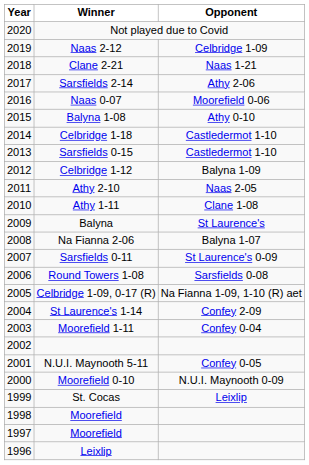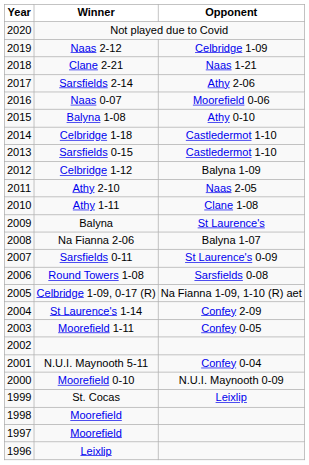 <table class="wikitable" style="text-align:center;">
 <tr>
 <th style="background:white;color:black"><strong>Year</strong></th>
 <th style="background:white;color:black"><strong>Winner</strong></th>
 <th style="background:white;color:black"><strong>Opponent</strong></th>
 </tr>
 <tr>
 <td>2020</td>
 <td colspan="2" style="text-align:center;">Not played due to Covid</td>
 </tr>
 <tr>
 <td>2019</td>
 <td><a href='#'>Naas</a> 2-12</td>
 <td><a href='#'>Celbridge</a> 1-09</td>
 </tr>
 <tr>
 <td>2018</td>
 <td><a href='#'>Clane</a> 2-21</td>
 <td><a href='#'>Naas</a> 1-21</td>
 </tr>
 <tr>
 <td>2017</td>
 <td><a href='#'>Sarsfields</a> 2-14</td>
 <td><a href='#'>Athy</a> 2-06</td>
 </tr>
 <tr>
 <td>2016</td>
 <td><a href='#'>Naas</a> 0-07</td>
 <td><a href='#'>Moorefield</a> 0-06</td>
 </tr>
 <tr>
 <td>2015</td>
 <td><a href='#'>Balyna</a> 1-08</td>
 <td><a href='#'>Athy</a> 0-10</td>
 </tr>
 <tr>
 <td>2014</td>
 <td><a href='#'>Celbridge</a> 1-18</td>
 <td><a href='#'>Castledermot</a> 1-10</td>
 </tr>
 <tr>
 <td>2013</td>
 <td><a href='#'>Sarsfields</a> 0-15</td>
 <td><a href='#'>Castledermot</a> 1-10</td>
 </tr>
 <tr>
 <td>2012</td>
 <td><a href='#'>Celbridge</a> 1-12</td>
 <td>Balyna 1-09</td>
 </tr>
 <tr>
 <td>2011</td>
 <td><a href='#'>Athy</a> 2-10</td>
 <td><a href='#'>Naas</a> 2-05</td>
 </tr>
 <tr>
 <td>2010</td>
 <td><a href='#'>Athy</a> 1-11</td>
 <td><a href='#'>Clane</a> 1-08</td>
 </tr>
 <tr>
 <td>2009</td>
 <td>Balyna</td>
 <td><a href='#'>St Laurence's</a></td>
 </tr>
 <tr>
 <td>2008</td>
 <td>Na Fianna 2-06</td>
 <td>Balyna 1-07</td>
 </tr>
 <tr>
 <td>2007</td>
 <td><a href='#'>Sarsfields</a> 0-11</td>
 <td><a href='#'>St Laurence's</a> 0-09</td>
 </tr>
 <tr>
 <td>2006</td>
 <td><a href='#'>Round Towers</a> 1-08</td>
 <td><a href='#'>Sarsfields</a>  0-08</td>
 </tr>
 <tr>
 <td>2005</td>
 <td><a href='#'>Celbridge</a> 1-09, 0-17 (R)</td>
 <td>Na Fianna 1-09, 1-10 (R) aet</td>
 </tr>
 <tr>
 <td>2004</td>
 <td><a href='#'>St Laurence's</a> 1-14</td>
 <td><a href='#'>Confey</a> 2-09</td>
 </tr>
 <tr>
 <td>2003</td>
 <td><a href='#'>Moorefield</a> 1-11</td>
-<td><a href='#'>Confey</a> 0-04</td>
+<td><a href='#'>Confey</a> 0-05</td>
 </tr>
 <tr>
 <td>2002</td>
 <td></td>
 <td></td>
 </tr>
 <tr>
 <td>2001</td>
 <td>N.U.I. Maynooth  5-11</td>
-<td><a href='#'>Confey</a> 0-05</td>
+<td><a href='#'>Confey</a> 0-04</td>
 </tr>
 <tr>
 <td>2000</td>
 <td><a href='#'>Moorefield</a>  0-10</td>
 <td>N.U.I. Maynooth 0-09</td>
 </tr>
 <tr>
 <td>1999</td>
 <td>St. Cocas</td>
 <td><a href='#'>Leixlip</a></td>
 </tr>
 <tr>
 <td>1998</td>
 <td><a href='#'>Moorefield</a></td>
 <td></td>
 </tr>
 <tr>
 <td>1997</td>
 <td><a href='#'>Moorefield</a></td>
 <td></td>
 </tr>
 <tr>
 <td>1996</td>
 <td><a href='#'>Leixlip</a></td>
 <td></td>
 </tr>
 </table>
